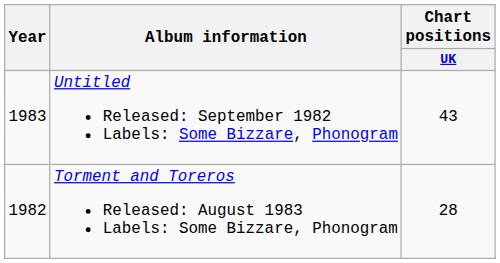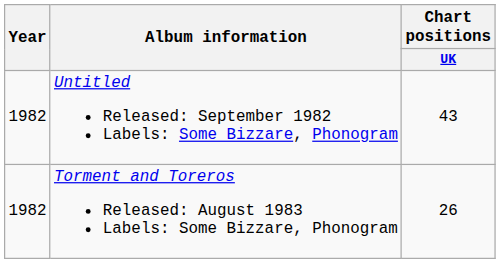 <table class="wikitable" style=text-align:center;>
 <tr>
 <th rowspan="2">Year</th>
 <th rowspan="2">Album information</th>
 <th colspan="1">Chart positions</th>
 </tr>
 <tr style="font-size:smaller;">
 <th width="30"><a href='#'>UK</a> <br></th>
 </tr>
 <tr>
-<td>1983</td>
+<td>1982</td>
 <td align=left><em><a href='#'>Untitled</a></em><br><ul><li>Released: September 1982</li><li>Labels: <a href='#'>Some Bizzare</a>, <a href='#'>Phonogram</a></li></ul></td>
 <td>43</td>
 </tr>
 <tr>
 <td>1982</td>
 <td align=left><em><a href='#'>Torment and Toreros</a></em><br><ul><li>Released: August 1983</li><li>Labels: Some Bizzare, Phonogram</li></ul></td>
-<td>28</td>
+<td>26</td>
 </tr>
 </table>
